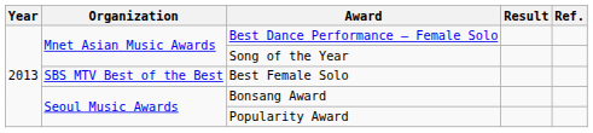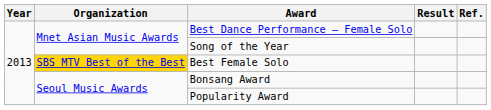 <table class="wikitable plainrowheaders">
 <tr>
 <th scope="col">Year</th>
 <th scope="col">Organization</th>
 <th scope="col">Award</th>
 <th scope="col">Result</th>
 <th>Ref.</th>
 </tr>
 <tr>
 <td rowspan="5">2013</td>
 <td rowspan="2"><a href='#'>Mnet Asian Music Awards</a></td>
 <td><a href='#'>Best Dance Performance – Female Solo</a></td>
 <td></td>
 <td style="text-align:center"></td>
 </tr>
 <tr>
 <td>Song of the Year</td>
 <td></td>
 <td style="text-align:center"></td>
 </tr>
 <tr>
-<td><a href='#'>SBS MTV Best of the Best</a></td>
+<td style="background: gold;"><a href='#'>SBS MTV Best of the Best</a></td>
 <td>Best Female Solo</td>
 <td></td>
 <td style="text-align:center"></td>
 </tr>
 <tr>
 <td rowspan="2"><a href='#'>Seoul Music Awards</a></td>
 <td>Bonsang Award</td>
 <td></td>
 <td></td>
 </tr>
 <tr>
 <td>Popularity Award</td>
 <td></td>
 <td></td>
 </tr>
 </table>
